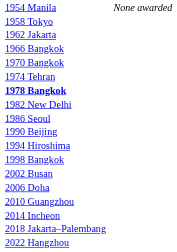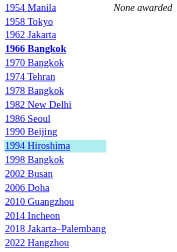 <table>
 <tr>
 <td><a href='#'>1954 Manila</a></td>
 <td></td>
 <td></td>
 <td><em>None awarded</em></td>
 </tr>
 <tr>
 <td><a href='#'>1958 Tokyo</a></td>
 <td></td>
 <td></td>
 <td></td>
 </tr>
 <tr>
 <td><a href='#'>1962 Jakarta</a></td>
 <td></td>
 <td></td>
 <td></td>
 </tr>
 <tr>
-<td><a href='#'>1966 Bangkok</a></td>
+<td><strong><a href='#'>1966 Bangkok</a></strong></td>
 <td></td>
 <td></td>
 <td></td>
 </tr>
 <tr>
 <td><a href='#'>1970 Bangkok</a></td>
 <td></td>
 <td></td>
 <td></td>
 </tr>
 <tr>
 <td><a href='#'>1974 Tehran</a></td>
 <td></td>
 <td></td>
 <td></td>
 </tr>
 <tr>
-<td><strong><a href='#'>1978 Bangkok</a></strong></td>
+<td><a href='#'>1978 Bangkok</a></td>
 <td></td>
 <td></td>
 <td></td>
 </tr>
 <tr>
 <td><a href='#'>1982 New Delhi</a></td>
 <td></td>
 <td></td>
 <td></td>
 </tr>
 <tr>
 <td><a href='#'>1986 Seoul</a></td>
 <td></td>
 <td></td>
 <td></td>
 </tr>
 <tr>
 <td><a href='#'>1990 Beijing</a></td>
 <td></td>
 <td></td>
 <td></td>
 </tr>
 <tr>
-<td><a href='#'>1994 Hiroshima</a></td>
+<td style="background: paleturquoise;"><a href='#'>1994 Hiroshima</a></td>
 <td></td>
 <td></td>
 <td></td>
 </tr>
 <tr>
 <td><a href='#'>1998 Bangkok</a></td>
 <td></td>
 <td></td>
 <td></td>
 </tr>
 <tr>
 <td><a href='#'>2002 Busan</a></td>
 <td></td>
 <td></td>
 <td></td>
 </tr>
 <tr>
 <td rowspan=2><a href='#'>2006 Doha</a></td>
 <td rowspan=2></td>
 <td rowspan=2></td>
 <td></td>
 </tr>
 <tr>
 <td></td>
 </tr>
 <tr>
 <td rowspan=2><a href='#'>2010 Guangzhou</a></td>
 <td rowspan=2></td>
 <td rowspan=2></td>
 <td></td>
 </tr>
 <tr>
 <td></td>
 </tr>
 <tr>
 <td rowspan=2><a href='#'>2014 Incheon</a></td>
 <td rowspan=2></td>
 <td rowspan=2></td>
 <td></td>
 </tr>
 <tr>
 <td></td>
 </tr>
 <tr>
 <td rowspan=2><a href='#'>2018 Jakarta–Palembang</a></td>
 <td rowspan=2></td>
 <td rowspan=2></td>
 <td></td>
 </tr>
 <tr>
 <td></td>
 </tr>
 <tr>
 <td rowspan=2><a href='#'>2022 Hangzhou</a></td>
 <td rowspan=2></td>
 <td rowspan=2></td>
 <td></td>
 </tr>
 <tr>
 <td></td>
 </tr>
 </table>
